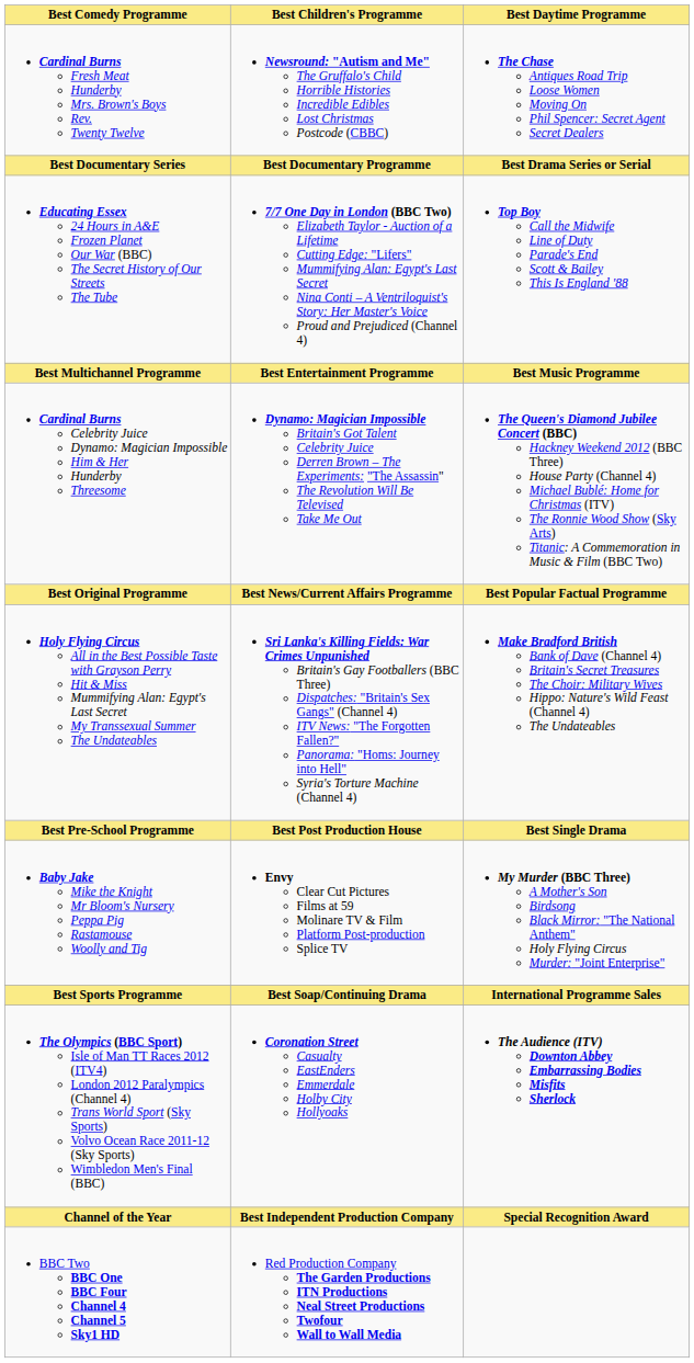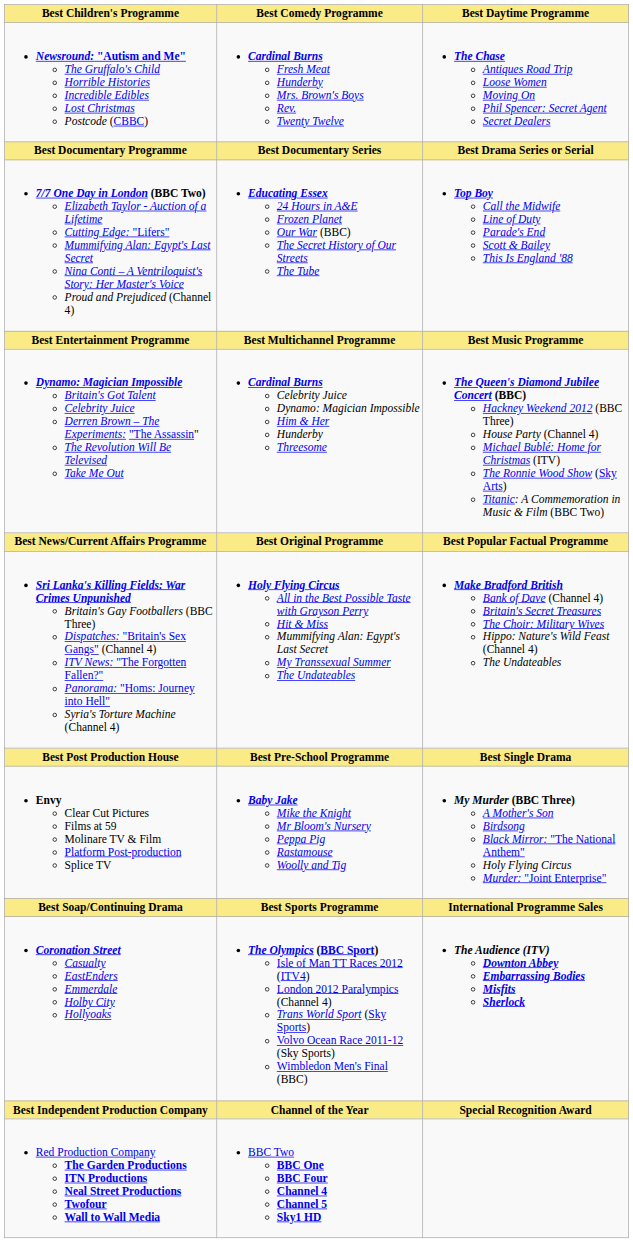 <table class=wikitable style=font-size:100%>
 <tr>
+<th style="background:#FAEB86;" width="34%">Best Children's Programme</th>
 <th style="background:#FAEB86;" width="33%">Best Comedy Programme</th>
-<th style="background:#FAEB86;" width="34%">Best Children's Programme</th>
 <th style="background:#FAEB86;" width="33%">Best Daytime Programme</th>
 </tr>
 <tr>
+<td valign="top"><br><ul><li><strong><a href='#'><em>Newsround:</em> "Autism and Me"</a></strong><ul><li><em><a href='#'>The Gruffalo's Child</a></em></li><li><em><a href='#'>Horrible Histories</a></em></li><li><em><a href='#'>Incredible Edibles</a></em></li><li><em><a href='#'>Lost Christmas</a></em></li><li><em>Postcode</em> (<a href='#'>CBBC</a>)</li></ul></li></ul></td>
 <td valign="top"><br><ul><li><strong><em><a href='#'>Cardinal Burns</a></em></strong><ul><li><em><a href='#'>Fresh Meat</a></em></li><li><em><a href='#'>Hunderby</a></em></li><li><em><a href='#'>Mrs. Brown's Boys</a></em></li><li><em><a href='#'>Rev.</a></em></li><li><em><a href='#'>Twenty Twelve</a></em></li></ul></li></ul></td>
-<td valign="top"><br><ul><li><strong><a href='#'><em>Newsround:</em> "Autism and Me"</a></strong><ul><li><em><a href='#'>The Gruffalo's Child</a></em></li><li><em><a href='#'>Horrible Histories</a></em></li><li><em><a href='#'>Incredible Edibles</a></em></li><li><em><a href='#'>Lost Christmas</a></em></li><li><em>Postcode</em> (<a href='#'>CBBC</a>)</li></ul></li></ul></td>
 <td valign="top"><br><ul><li><strong><em><a href='#'>The Chase</a></em></strong><ul><li><em><a href='#'>Antiques Road Trip</a></em></li><li><em><a href='#'>Loose Women</a></em></li><li><em><a href='#'>Moving On</a></em></li><li><em><a href='#'>Phil Spencer: Secret Agent</a></em></li><li><em><a href='#'>Secret Dealers</a></em></li></ul></li></ul></td>
 </tr>
 <tr>
+<th style="background:#FAEB86;" width="34%">Best Documentary Programme</th>
 <th style="background:#FAEB86;" width="33%">Best Documentary Series</th>
-<th style="background:#FAEB86;" width="34%">Best Documentary Programme</th>
 <th style="background:#FAEB86;" width="33%">Best Drama Series or Serial</th>
 </tr>
 <tr>
+<td valign="top"><br><ul><li><strong><em><a href='#'>7/7 One Day in London</a></em></strong> <strong>(BBC Two)</strong><ul><li><em><a href='#'>Elizabeth Taylor - Auction of a Lifetime</a></em></li><li><a href='#'><em>Cutting Edge:</em> "Lifers"</a></li><li><em><a href='#'>Mummifying Alan: Egypt's Last Secret</a></em></li><li><em><a href='#'>Nina Conti – A Ventriloquist's Story: Her Master's Voice</a></em></li><li><em>Proud and Prejudiced</em> (Channel 4)</li></ul></li></ul></td>
 <td valign="top"><br><ul><li><strong><em><a href='#'>Educating Essex</a></em></strong><ul><li><em><a href='#'>24 Hours in A&E</a></em></li><li><em><a href='#'>Frozen Planet</a></em></li><li><em><a href='#'>Our War</a></em> (BBC)</li><li><em><a href='#'>The Secret History of Our Streets</a></em></li><li><em><a href='#'>The Tube</a></em></li></ul></li></ul></td>
-<td valign="top"><br><ul><li><strong><em><a href='#'>7/7 One Day in London</a></em></strong> <strong>(BBC Two)</strong><ul><li><em><a href='#'>Elizabeth Taylor - Auction of a Lifetime</a></em></li><li><a href='#'><em>Cutting Edge:</em> "Lifers"</a></li><li><em><a href='#'>Mummifying Alan: Egypt's Last Secret</a></em></li><li><em><a href='#'>Nina Conti – A Ventriloquist's Story: Her Master's Voice</a></em></li><li><em>Proud and Prejudiced</em> (Channel 4)</li></ul></li></ul></td>
 <td valign="top"><br><ul><li><strong><em><a href='#'>Top Boy</a></em></strong><ul><li><em><a href='#'>Call the Midwife</a></em></li><li><em><a href='#'>Line of Duty</a></em></li><li><em><a href='#'>Parade's End</a></em></li><li><em><a href='#'>Scott & Bailey</a></em></li><li><em><a href='#'>This Is England '88</a></em></li></ul></li></ul></td>
 </tr>
 <tr>
+<th style="background:#FAEB86;" width="34%">Best Entertainment Programme</th>
 <th style="background:#FAEB86;" width="33%">Best Multichannel Programme</th>
-<th style="background:#FAEB86;" width="34%">Best Entertainment Programme</th>
 <th style="background:#FAEB86;" width="33%">Best Music Programme</th>
 </tr>
 <tr>
+<td valign="top"><br><ul><li><strong><em><a href='#'>Dynamo: Magician Impossible</a></em></strong><ul><li><em><a href='#'>Britain's Got Talent</a></em></li><li><em><a href='#'>Celebrity Juice</a></em></li><li><em><a href='#'>Derren Brown – The Experiments:</a></em> <a href='#'>"The Assassin</a>"</li><li><em><a href='#'>The Revolution Will Be Televised</a></em></li><li><em><a href='#'>Take Me Out</a></em></li></ul></li></ul></td>
 <td valign="top"><br><ul><li><strong><em><a href='#'>Cardinal Burns</a></em></strong><ul><li><em>Celebrity Juice</em></li><li><em>Dynamo: Magician Impossible</em></li><li><em><a href='#'>Him & Her</a></em></li><li><em>Hunderby</em></li><li><em><a href='#'>Threesome</a></em></li></ul></li></ul></td>
-<td valign="top"><br><ul><li><strong><em><a href='#'>Dynamo: Magician Impossible</a></em></strong><ul><li><em><a href='#'>Britain's Got Talent</a></em></li><li><em><a href='#'>Celebrity Juice</a></em></li><li><em><a href='#'>Derren Brown – The Experiments:</a></em> <a href='#'>"The Assassin</a>"</li><li><em><a href='#'>The Revolution Will Be Televised</a></em></li><li><em><a href='#'>Take Me Out</a></em></li></ul></li></ul></td>
 <td valign="top"><br><ul><li><strong><em><a href='#'>The Queen's Diamond Jubilee Concert</a></em></strong> <strong>(BBC)</strong><ul><li><em><a href='#'>Hackney Weekend 2012</a></em> (BBC Three)</li><li><em>House Party</em> (Channel 4)</li><li><em><a href='#'>Michael Bublé: Home for Christmas</a></em> (ITV)</li><li><em><a href='#'>The Ronnie Wood Show</a></em> (<a href='#'>Sky Arts</a>)</li><li><em><a href='#'>Titanic</a>: A Commemoration in Music & Film</em> (BBC Two)</li></ul></li></ul></td>
 </tr>
 <tr>
+<th style="background:#FAEB86;" width="34%">Best News/Current Affairs Programme</th>
 <th style="background:#FAEB86;" width="33%">Best Original Programme</th>
-<th style="background:#FAEB86;" width="34%">Best News/Current Affairs Programme</th>
 <th style="background:#FAEB86;" width="33%">Best Popular Factual Programme</th>
 </tr>
 <tr>
+<td valign="top"><br><ul><li><strong><em><a href='#'>Sri Lanka's Killing Fields: War Crimes Unpunished</a></em></strong><ul><li><em>Britain's Gay Footballers</em> (BBC Three)</li><li><a href='#'><em>Dispatches:</em> "Britain's Sex Gangs"</a> (Channel 4)</li><li><a href='#'><em>ITV News:</em> "The Forgotten Fallen?"</a></li><li><a href='#'><em>Panorama:</em> "Homs: Journey into Hell"</a></li><li><em>Syria's Torture Machine</em> (Channel 4)</li></ul></li></ul></td>
 <td valign="top"><br><ul><li><strong><em><a href='#'>Holy Flying Circus</a></em></strong><ul><li><em><a href='#'>All in the Best Possible Taste with Grayson Perry</a></em></li><li><em><a href='#'>Hit & Miss</a></em></li><li><em>Mummifying Alan: Egypt's Last Secret</em></li><li><em><a href='#'>My Transsexual Summer</a></em></li><li><em><a href='#'>The Undateables</a></em></li></ul></li></ul></td>
-<td valign="top"><br><ul><li><strong><em><a href='#'>Sri Lanka's Killing Fields: War Crimes Unpunished</a></em></strong><ul><li><em>Britain's Gay Footballers</em> (BBC Three)</li><li><a href='#'><em>Dispatches:</em> "Britain's Sex Gangs"</a> (Channel 4)</li><li><a href='#'><em>ITV News:</em> "The Forgotten Fallen?"</a></li><li><a href='#'><em>Panorama:</em> "Homs: Journey into Hell"</a></li><li><em>Syria's Torture Machine</em> (Channel 4)</li></ul></li></ul></td>
 <td valign="top"><br><ul><li><strong><em><a href='#'>Make Bradford British</a></em></strong><ul><li><em><a href='#'>Bank of Dave</a></em> (Channel 4)</li><li><em><a href='#'>Britain's Secret Treasures</a></em></li><li><em><a href='#'>The Choir: Military Wives</a></em></li><li><em>Hippo: Nature's Wild Feast</em> (Channel 4)</li><li><em>The Undateables</em></li></ul></li></ul></td>
 </tr>
 <tr>
+<th style="background:#FAEB86;" width="34%">Best Post Production House</th>
 <th style="background:#FAEB86;" width="33%">Best Pre-School Programme</th>
-<th style="background:#FAEB86;" width="34%">Best Post Production House</th>
 <th style="background:#FAEB86;" width="33%">Best Single Drama</th>
 </tr>
 <tr>
+<td valign="top"><br><ul><li><strong>Envy</strong><ul><li>Clear Cut Pictures</li><li>Films at 59</li><li>Molinare TV & Film</li><li><a href='#'>Platform Post-production</a></li><li>Splice TV</li></ul></li></ul></td>
 <td valign="top"><br><ul><li><strong><em><a href='#'>Baby Jake</a></em></strong><ul><li><em><a href='#'>Mike the Knight</a></em></li><li><em><a href='#'>Mr Bloom's Nursery</a></em></li><li><em><a href='#'>Peppa Pig</a></em></li><li><em><a href='#'>Rastamouse</a></em></li><li><em><a href='#'>Woolly and Tig</a></em></li></ul></li></ul></td>
-<td valign="top"><br><ul><li><strong>Envy</strong><ul><li>Clear Cut Pictures</li><li>Films at 59</li><li>Molinare TV & Film</li><li><a href='#'>Platform Post-production</a></li><li>Splice TV</li></ul></li></ul></td>
 <td valign="top"><br><ul><li><strong><em>My Murder</em></strong> <strong>(BBC Three)</strong><ul><li><em><a href='#'>A Mother's Son</a></em></li><li><em><a href='#'>Birdsong</a></em></li><li><a href='#'><em>Black Mirror:</em> "The National Anthem"</a></li><li><em>Holy Flying Circus</em></li><li><a href='#'><em>Murder:</em> "Joint Enterprise"</a></li></ul></li></ul></td>
 </tr>
 <tr>
+<th style="background:#FAEB86;" width="34%">Best Soap/Continuing Drama</th>
 <th style="background:#FAEB86;" width="33%">Best Sports Programme</th>
-<th style="background:#FAEB86;" width="34%">Best Soap/Continuing Drama</th>
 <th style="background:#FAEB86;" width="33%">International Programme Sales</th>
 </tr>
 <tr>
+<td valign="top"><br><ul><li><strong><em><a href='#'>Coronation Street</a></em></strong><ul><li><em><a href='#'>Casualty</a></em></li><li><em><a href='#'>EastEnders</a></em></li><li><em><a href='#'>Emmerdale</a></em></li><li><em><a href='#'>Holby City</a></em></li><li><em><a href='#'>Hollyoaks</a></em></li></ul></li></ul></td>
 <td valign="top"><br><ul><li><strong><em><a href='#'>The Olympics</a></em></strong> <strong>(<a href='#'>BBC Sport</a>)</strong><ul><li><a href='#'>Isle of Man TT Races 2012</a> (<a href='#'>ITV4</a>)</li><li><a href='#'>London 2012 Paralympics</a> (Channel 4)</li><li><em><a href='#'>Trans World Sport</a></em> (<a href='#'>Sky Sports</a>)</li><li><a href='#'>Volvo Ocean Race 2011-12</a> (Sky Sports)</li><li><a href='#'>Wimbledon Men's Final</a> (BBC)</li></ul></li></ul></td>
-<td valign="top"><br><ul><li><strong><em><a href='#'>Coronation Street</a></em></strong><ul><li><em><a href='#'>Casualty</a></em></li><li><em><a href='#'>EastEnders</a></em></li><li><em><a href='#'>Emmerdale</a></em></li><li><em><a href='#'>Holby City</a></em></li><li><em><a href='#'>Hollyoaks</a></em></li></ul></li></ul></td>
 <td valign="top"><br><ul><li><strong><em>The Audience<em> (ITV)<strong><ul><li></em><a href='#'>Downton Abbey</a><em></li><li></em><a href='#'>Embarrassing Bodies</a><em></li><li></em><a href='#'>Misfits</a><em></li><li></em><a href='#'>Sherlock</a><em></li></ul></li></ul></td>
 </tr>
 <tr>
+<th style="background:#FAEB86;" width="33%">Best Independent Production Company</th>
 <th style="background:#FAEB86;" width="33%">Channel of the Year</th>
-<th style="background:#FAEB86;" width="33%">Best Independent Production Company</th>
 <th style="background:#FAEB86;" width="33%">Special Recognition Award</th>
 </tr>
 <tr>
+<td valign="top"><br><ul><li></strong><a href='#'>Red Production Company</a><strong><ul><li><a href='#'>The Garden Productions</a></li><li><a href='#'>ITN Productions</a></li><li><a href='#'>Neal Street Productions</a></li><li><a href='#'>Twofour</a></li><li><a href='#'>Wall to Wall Media</a></li></ul></li></ul></td>
 <td valign="top"><br><ul><li></strong><a href='#'>BBC Two</a><strong><ul><li><a href='#'>BBC One</a></li><li><a href='#'>BBC Four</a></li><li><a href='#'>Channel 4</a></li><li><a href='#'>Channel 5</a></li><li><a href='#'>Sky1 HD</a></li></ul></li></ul></td>
-<td valign="top"><br><ul><li></strong><a href='#'>Red Production Company</a><strong><ul><li><a href='#'>The Garden Productions</a></li><li><a href='#'>ITN Productions</a></li><li><a href='#'>Neal Street Productions</a></li><li><a href='#'>Twofour</a></li><li><a href='#'>Wall to Wall Media</a></li></ul></li></ul></td>
 <td valign="top"></td>
 </tr>
 </table>
